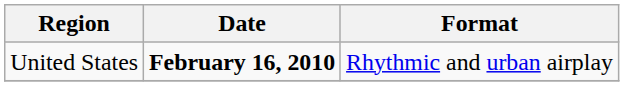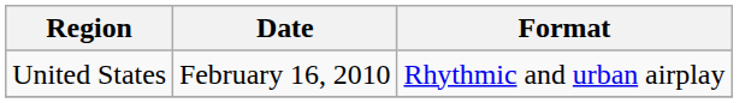 <table class="wikitable">
 <tr>
 <th>Region</th>
 <th>Date</th>
 <th>Format</th>
 </tr>
 <tr>
 <td rowspan="1">United States</td>
-<td rowspan="1"><strong>February 16, 2010</strong></td>
+<td rowspan="1">February 16, 2010</td>
 <td><a href='#'>Rhythmic</a> and <a href='#'>urban</a> airplay</td>
 </tr>
 <tr>
 </tr>
 </table>
